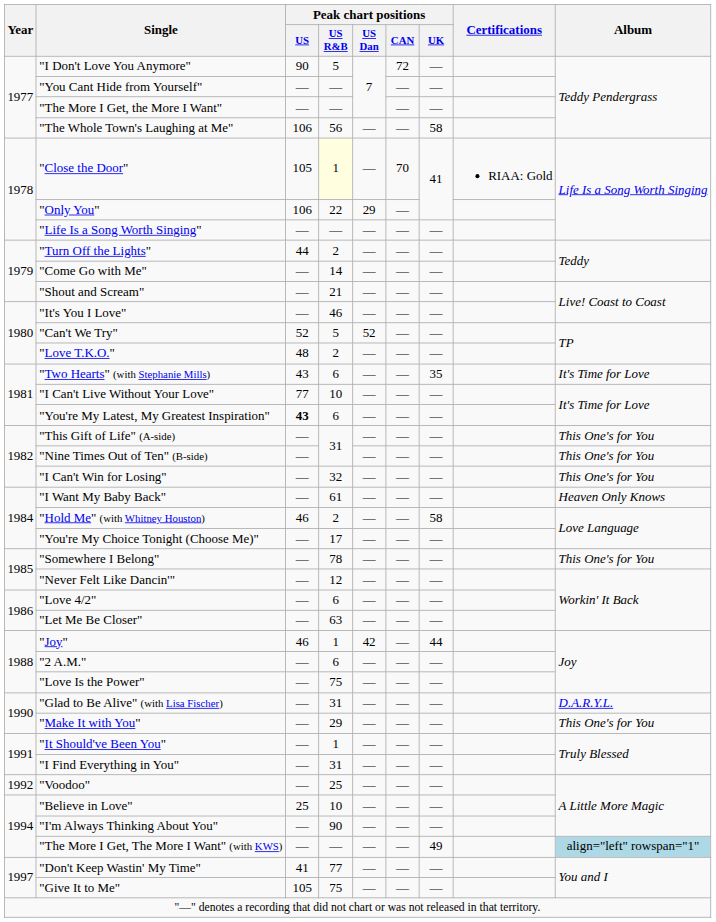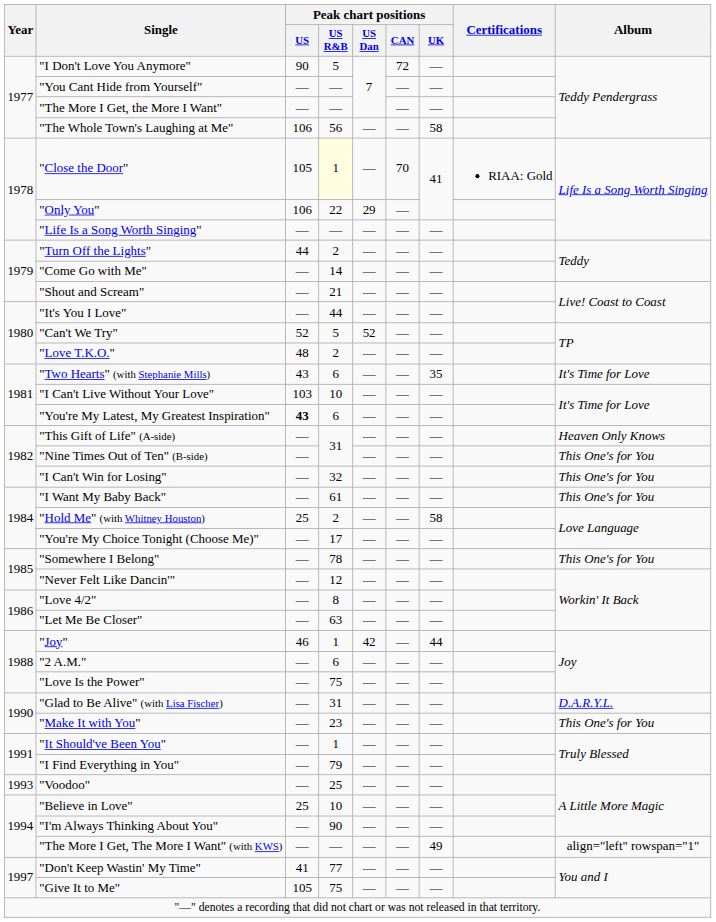 <table class="wikitable" style="text-align:center;">
 <tr>
 <th rowspan="2">Year</th>
 <th rowspan="2">Single</th>
 <th colspan="5">Peak chart positions</th>
 <th rowspan="2"><a href='#'>Certifications</a></th>
 <th rowspan="2">Album</th>
 </tr>
 <tr style="font-size:smaller;">
 <th width="35"><a href='#'>US</a><br></th>
 <th width="35"><a href='#'>US<br>R&B</a><br></th>
 <th width="35"><a href='#'>US<br>Dan</a><br></th>
 <th width="35"><a href='#'>CAN</a><br></th>
 <th width="35"><a href='#'>UK</a><br></th>
 </tr>
 <tr>
 <td rowspan="4">1977</td>
 <td align="left">"I Don't Love You Anymore"</td>
 <td>90</td>
 <td>5</td>
 <td rowspan="3">7</td>
 <td>72</td>
 <td>—</td>
 <td align=left></td>
 <td align="left" rowspan="4"><em>Teddy Pendergrass</em></td>
 </tr>
 <tr>
 <td align="left">"You Cant Hide from Yourself"</td>
 <td>—</td>
 <td>—</td>
 <td>—</td>
 <td>—</td>
 <td align=left></td>
 </tr>
 <tr>
 <td align="left">"The More I Get, the More I Want"</td>
 <td>—</td>
 <td>—</td>
 <td>—</td>
 <td>—</td>
 <td align=left></td>
 </tr>
 <tr>
 <td align="left">"The Whole Town's Laughing at Me"</td>
 <td>106</td>
 <td>56</td>
 <td>—</td>
 <td>—</td>
 <td>58</td>
 <td align=left></td>
 </tr>
 <tr>
 <td rowspan="3">1978</td>
 <td align="left">"<a href='#'>Close the Door</a>"</td>
 <td>105</td>
 <td style="background: lightyellow;">1</td>
 <td>—</td>
 <td>70</td>
 <td rowspan="2">41</td>
 <td align=left><br><ul><li>RIAA: Gold</li></ul></td>
 <td align="left" rowspan="3"><em><a href='#'>Life Is a Song Worth Singing</a></em></td>
 </tr>
 <tr>
 <td align="left">"<a href='#'>Only You</a>"</td>
 <td>106</td>
 <td>22</td>
 <td>29</td>
 <td>—</td>
 <td align=left></td>
 </tr>
 <tr>
 <td align="left">"<a href='#'>Life Is a Song Worth Singing</a>"</td>
 <td>—</td>
 <td>—</td>
 <td>—</td>
 <td>—</td>
 <td>—</td>
 <td align=left></td>
 </tr>
 <tr>
 <td rowspan="3">1979</td>
 <td align="left">"<a href='#'>Turn Off the Lights</a>"</td>
 <td>44</td>
 <td>2</td>
 <td>—</td>
 <td>—</td>
 <td>—</td>
 <td align=left></td>
 <td align="left" rowspan="2"><em>Teddy</em></td>
 </tr>
 <tr>
 <td align="left">"Come Go with Me"</td>
 <td>—</td>
 <td>14</td>
 <td>—</td>
 <td>—</td>
 <td>—</td>
 <td align=left></td>
 </tr>
 <tr>
 <td align="left">"Shout and Scream"</td>
 <td>—</td>
 <td>21</td>
 <td>—</td>
 <td>—</td>
 <td>—</td>
 <td align=left></td>
 <td align="left" rowspan="2"><em>Live! Coast to Coast</em></td>
 </tr>
 <tr>
 <td rowspan="3">1980</td>
 <td align="left">"It's You I Love"</td>
 <td>—</td>
-<td>46</td>
+<td>44</td>
 <td>—</td>
 <td>—</td>
 <td>—</td>
 <td align=left></td>
 </tr>
 <tr>
 <td align="left">"Can't We Try"</td>
 <td>52</td>
 <td>5</td>
 <td>52</td>
 <td>—</td>
 <td>—</td>
 <td align=left></td>
 <td align="left" rowspan="2"><em>TP</em></td>
 </tr>
 <tr>
 <td align="left">"<a href='#'>Love T.K.O.</a>"</td>
 <td>48</td>
 <td>2</td>
 <td>—</td>
 <td>—</td>
 <td>—</td>
 <td align=left></td>
 </tr>
 <tr>
 <td rowspan="3">1981</td>
 <td align="left">"<a href='#'>Two Hearts</a>" <small>(with <a href='#'>Stephanie Mills</a>)</small></td>
 <td>43</td>
 <td>6</td>
 <td>—</td>
 <td>—</td>
 <td>35</td>
 <td align=left></td>
 <td align="left" rowspan="1"><em>It's Time for Love</em></td>
 </tr>
 <tr>
 <td align="left">"I Can't Live Without Your Love"</td>
-<td>77</td>
+<td>103</td>
 <td>10</td>
 <td>—</td>
 <td>—</td>
 <td>—</td>
 <td align=left></td>
 <td align="left" rowspan="2"><em>It's Time for Love</em></td>
 </tr>
 <tr>
 <td align="left">"You're My Latest, My Greatest Inspiration"</td>
 <td><strong>43</strong></td>
 <td>6</td>
 <td>—</td>
 <td>—</td>
 <td>—</td>
 <td align=left></td>
 </tr>
 <tr>
 <td rowspan="3">1982</td>
 <td align="left">"This Gift of Life" <small>(A-side)</small></td>
 <td>—</td>
 <td rowspan="2">31</td>
 <td>—</td>
 <td>—</td>
 <td>—</td>
 <td align=left></td>
-<td align="left" rowspan="1"><em>This One's for You</em></td>
+<td align="left" rowspan="1"><em>Heaven Only Knows</em></td>
 </tr>
 <tr>
 <td align="left">"Nine Times Out of Ten" <small>(B-side)</small></td>
 <td>—</td>
 <td>—</td>
 <td>—</td>
 <td>—</td>
 <td align=left></td>
 <td align="left" rowspan="1"><em>This One's for You</em></td>
 </tr>
 <tr>
 <td align="left">"I Can't Win for Losing"</td>
 <td>—</td>
 <td>32</td>
 <td>—</td>
 <td>—</td>
 <td>—</td>
 <td align=left></td>
 <td align="left" rowspan="1"><em>This One's for You</em></td>
 </tr>
 <tr>
 <td rowspan="3">1984</td>
 <td align="left">"I Want My Baby Back"</td>
 <td>—</td>
 <td>61</td>
 <td>—</td>
 <td>—</td>
 <td>—</td>
 <td align=left></td>
-<td align="left" rowspan="1"><em>Heaven Only Knows</em></td>
+<td align="left" rowspan="1"><em>This One's for You</em></td>
 </tr>
 <tr>
 <td align="left">"<a href='#'>Hold Me</a>" <small>(with <a href='#'>Whitney Houston</a>)</small></td>
-<td>46</td>
+<td>25</td>
 <td>2</td>
 <td>—</td>
 <td>—</td>
 <td>58</td>
 <td align=left></td>
 <td align="left" rowspan="2"><em>Love Language</em></td>
 </tr>
 <tr>
 <td align="left">"You're My Choice Tonight (Choose Me)"</td>
 <td>—</td>
 <td>17</td>
 <td>—</td>
 <td>—</td>
 <td>—</td>
 <td align=left></td>
 </tr>
 <tr>
 <td rowspan="2">1985</td>
 <td align="left">"Somewhere I Belong"</td>
 <td>—</td>
 <td>78</td>
 <td>—</td>
 <td>—</td>
 <td>—</td>
 <td align=left></td>
 <td align="left" rowspan="1"><em>This One's for You</em></td>
 </tr>
 <tr>
 <td align="left">"Never Felt Like Dancin'"</td>
 <td>—</td>
 <td>12</td>
 <td>—</td>
 <td>—</td>
 <td>—</td>
 <td align=left></td>
 <td align="left" rowspan="3"><em>Workin' It Back</em></td>
 </tr>
 <tr>
 <td rowspan="2">1986</td>
 <td align="left">"Love 4/2"</td>
 <td>—</td>
-<td>6</td>
+<td>8</td>
 <td>—</td>
 <td>—</td>
 <td>—</td>
 <td align=left></td>
 </tr>
 <tr>
 <td align="left">"Let Me Be Closer"</td>
 <td>—</td>
 <td>63</td>
 <td>—</td>
 <td>—</td>
 <td>—</td>
 <td align=left></td>
 </tr>
 <tr>
 <td rowspan="3">1988</td>
 <td align="left">"<a href='#'>Joy</a>"</td>
 <td>46</td>
 <td>1</td>
 <td>42</td>
 <td>—</td>
 <td>44</td>
 <td align=left></td>
 <td align="left" rowspan="3"><em>Joy</em></td>
 </tr>
 <tr>
 <td align="left">"2 A.M."</td>
 <td>—</td>
 <td>6</td>
 <td>—</td>
 <td>—</td>
 <td>—</td>
 <td align=left></td>
 </tr>
 <tr>
 <td align="left">"Love Is the Power"</td>
 <td>—</td>
 <td>75</td>
 <td>—</td>
 <td>—</td>
 <td>—</td>
 <td align=left></td>
 </tr>
 <tr>
 <td rowspan="2">1990</td>
 <td align="left">"Glad to Be Alive" <small>(with <a href='#'>Lisa Fischer</a>)</small></td>
 <td>—</td>
 <td>31</td>
 <td>—</td>
 <td>—</td>
 <td>—</td>
 <td align=left></td>
 <td align="left" rowspan="1"><em><a href='#'>D.A.R.Y.L.</a></em></td>
 </tr>
 <tr>
 <td align="left">"<a href='#'>Make It with You</a>"</td>
 <td>—</td>
-<td>29</td>
+<td>23</td>
 <td>—</td>
 <td>—</td>
 <td>—</td>
 <td align=left></td>
 <td align="left" rowspan="1"><em>This One's for You</em></td>
 </tr>
 <tr>
 <td rowspan="2">1991</td>
 <td align="left">"<a href='#'>It Should've Been You</a>"</td>
 <td>—</td>
 <td>1</td>
 <td>—</td>
 <td>—</td>
 <td>—</td>
 <td align=left></td>
 <td align="left" rowspan="2"><em>Truly Blessed</em></td>
 </tr>
 <tr>
 <td align="left">"I Find Everything in You"</td>
 <td>—</td>
-<td>31</td>
+<td>79</td>
 <td>—</td>
 <td>—</td>
 <td>—</td>
 <td align=left></td>
 </tr>
 <tr>
-<td rowspan="1">1992</td>
+<td rowspan="1">1993</td>
 <td align="left">"Voodoo"</td>
 <td>—</td>
 <td>25</td>
 <td>—</td>
 <td>—</td>
 <td>—</td>
 <td align=left></td>
 <td align="left" rowspan="3"><em>A Little More Magic</em></td>
 </tr>
 <tr>
 <td rowspan="3">1994</td>
 <td align="left">"Believe in Love"</td>
 <td>25</td>
 <td>10</td>
 <td>—</td>
 <td>—</td>
 <td>—</td>
 <td align=left></td>
 </tr>
 <tr>
 <td align="left">"I'm Always Thinking About You"</td>
 <td>—</td>
 <td>90</td>
 <td>—</td>
 <td>—</td>
 <td>—</td>
 <td align=left></td>
 </tr>
 <tr>
 <td align="left">"The More I Get, The More I Want" <small>(with <a href='#'>KWS</a>)</small></td>
 <td>—</td>
 <td>—</td>
 <td>—</td>
 <td>—</td>
 <td>49</td>
 <td align=left></td>
-<td style="background: lightblue;">align="left" rowspan="1" </td>
+<td>align="left" rowspan="1" </td>
 </tr>
 <tr>
 <td rowspan="2">1997</td>
 <td align="left">"Don't Keep Wastin' My Time"</td>
 <td>41</td>
 <td>77</td>
 <td>—</td>
 <td>—</td>
 <td>—</td>
 <td align=left></td>
 <td align="left" rowspan="2"><em>You and I</em></td>
 </tr>
 <tr>
 <td align="left">"Give It to Me"</td>
 <td>105</td>
 <td>75</td>
 <td>—</td>
 <td>—</td>
 <td>—</td>
 <td align=left></td>
 </tr>
 <tr>
 <td colspan="15" style="font-size:90%">"—" denotes a recording that did not chart or was not released in that territory.</td>
 </tr>
 </table>
